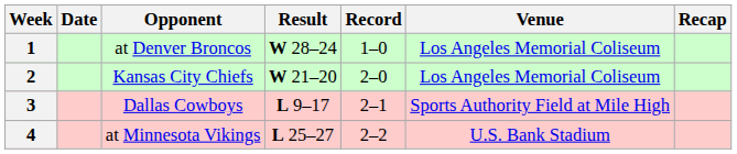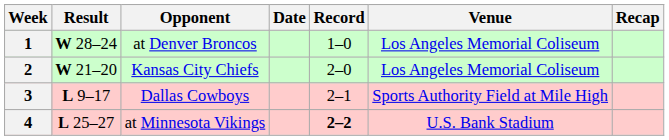 <table class="wikitable" style="text-align:center">
 <tr>
 <th>Week</th>
+<th>Result</th>
+<th>Opponent</th>
 <th>Date</th>
-<th>Opponent</th>
-<th>Result</th>
 <th>Record</th>
 <th>Venue</th>
 <th>Recap</th>
 </tr>
 <tr style="background:#cfc">
 <th>1</th>
+<td><strong>W</strong>  28–24</td>
+<td>at <a href='#'>Denver Broncos</a></td>
 <td></td>
-<td>at <a href='#'>Denver Broncos</a></td>
-<td><strong>W</strong>  28–24</td>
 <td>1–0</td>
 <td><a href='#'>Los Angeles Memorial Coliseum</a></td>
 <td></td>
 </tr>
 <tr style="background:#cfc">
 <th>2</th>
+<td><strong>W</strong> 21–20</td>
+<td><a href='#'>Kansas City Chiefs</a></td>
 <td></td>
-<td><a href='#'>Kansas City Chiefs</a></td>
-<td><strong>W</strong> 21–20</td>
 <td>2–0</td>
 <td><a href='#'>Los Angeles Memorial Coliseum</a></td>
 <td></td>
 </tr>
 <tr style="background:#fcc">
 <th>3</th>
+<td><strong>L</strong> 9–17</td>
+<td><a href='#'>Dallas Cowboys</a></td>
 <td></td>
-<td><a href='#'>Dallas Cowboys</a></td>
-<td><strong>L</strong> 9–17</td>
 <td>2–1</td>
 <td><a href='#'>Sports Authority Field at Mile High</a></td>
 <td></td>
 </tr>
 <tr style="background:#fcc">
 <th>4</th>
+<td><strong>L</strong> 25–27</td>
+<td>at <a href='#'>Minnesota Vikings</a></td>
 <td></td>
-<td>at <a href='#'>Minnesota Vikings</a></td>
-<td><strong>L</strong> 25–27</td>
-<td>2–2</td>
+<td><strong>2–2</strong></td>
 <td><a href='#'>U.S. Bank Stadium</a></td>
 <td></td>
 </tr>
 </table>
